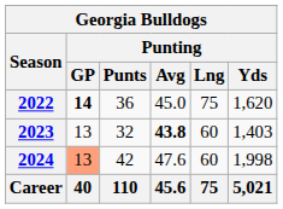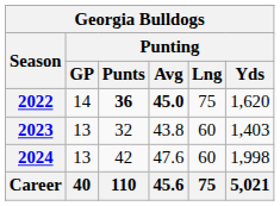 <table class=wikitable style="text-align:center;">
 <tr College statistics>
 </tr>
 <tr>
 <th colspan="7">Georgia Bulldogs</th>
 </tr>
 <tr>
 <th rowspan="2">Season</th>
 <th colspan="5">Punting</th>
 </tr>
 <tr>
 <th>GP</th>
 <th>Punts</th>
 <th>Avg</th>
 <th>Lng</th>
 <th>Yds</th>
 </tr>
 <tr>
 <th><a href='#'>2022</a></th>
-<td><strong>14</strong></td>
-<td>36</td>
-<td>45.0</td>
+<td>14</td>
+<td><strong>36</strong></td>
+<td><strong>45.0</strong></td>
 <td>75</td>
 <td>1,620</td>
 </tr>
 <tr>
 <th><a href='#'>2023</a></th>
 <td>13</td>
 <td>32</td>
-<td><strong>43.8</strong></td>
+<td>43.8</td>
 <td>60</td>
 <td>1,403</td>
 </tr>
 <tr>
 <th><a href='#'>2024</a></th>
-<td style="background: lightsalmon;">13</td>
+<td>13</td>
 <td>42</td>
 <td>47.6</td>
 <td>60</td>
 <td>1,998</td>
 </tr>
 <tr>
 <th>Career</th>
 <th>40</th>
 <th>110</th>
 <th>45.6</th>
 <th>75</th>
 <th>5,021</th>
 </tr>
 </table>
